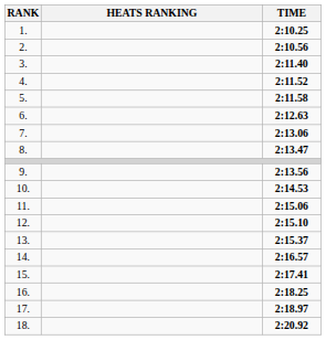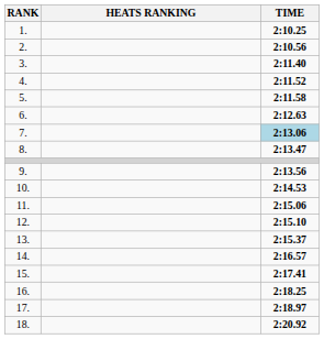 <table class="wikitable">
 <tr>
 <th>RANK</th>
 <th style="width: 20em">HEATS RANKING</th>
 <th style="width: 5em">TIME</th>
 </tr>
 <tr>
 <td align="center">1.</td>
 <td></td>
 <td align="center"><strong>2:10.25</strong></td>
 </tr>
 <tr>
 <td align="center">2.</td>
 <td></td>
 <td align="center"><strong>2:10.56</strong></td>
 </tr>
 <tr>
 <td align="center">3.</td>
 <td></td>
 <td align="center"><strong>2:11.40</strong></td>
 </tr>
 <tr>
 <td align="center">4.</td>
 <td></td>
 <td align="center"><strong>2:11.52</strong></td>
 </tr>
 <tr>
 <td align="center">5.</td>
 <td></td>
 <td align="center"><strong>2:11.58</strong></td>
 </tr>
 <tr>
 <td align="center">6.</td>
 <td></td>
 <td align="center"><strong>2:12.63</strong></td>
 </tr>
 <tr>
 <td align="center">7.</td>
 <td></td>
-<td align="center"><strong>2:13.06</strong></td>
+<td align="center" style="background: lightblue;"><strong>2:13.06</strong></td>
 </tr>
 <tr>
 <td align="center">8.</td>
 <td></td>
 <td align="center"><strong>2:13.47</strong></td>
 </tr>
 <tr>
 <td colspan=3 bgcolor=lightgray></td>
 </tr>
 <tr>
 <td align="center">9.</td>
 <td></td>
 <td align="center"><strong>2:13.56 </strong></td>
 </tr>
 <tr>
 <td align="center">10.</td>
 <td></td>
 <td align="center"><strong>2:14.53 </strong></td>
 </tr>
 <tr>
 <td align="center">11.</td>
 <td></td>
 <td align="center"><strong>2:15.06 </strong></td>
 </tr>
 <tr>
 <td align="center">12.</td>
 <td></td>
 <td align="center"><strong>2:15.10 </strong></td>
 </tr>
 <tr>
 <td align="center">13.</td>
 <td></td>
 <td align="center"><strong>2:15.37 </strong></td>
 </tr>
 <tr>
 <td align="center">14.</td>
 <td></td>
 <td align="center"><strong>2:16.57 </strong></td>
 </tr>
 <tr>
 <td align="center">15.</td>
 <td></td>
 <td align="center"><strong>2:17.41 </strong></td>
 </tr>
 <tr>
 <td align="center">16.</td>
 <td></td>
 <td align="center"><strong>2:18.25 </strong></td>
 </tr>
 <tr>
 <td align="center">17.</td>
 <td></td>
 <td align="center"><strong>2:18.97 </strong></td>
 </tr>
 <tr>
 <td align="center">18.</td>
 <td></td>
 <td align="center"><strong>2:20.92</strong></td>
 </tr>
 </table>
